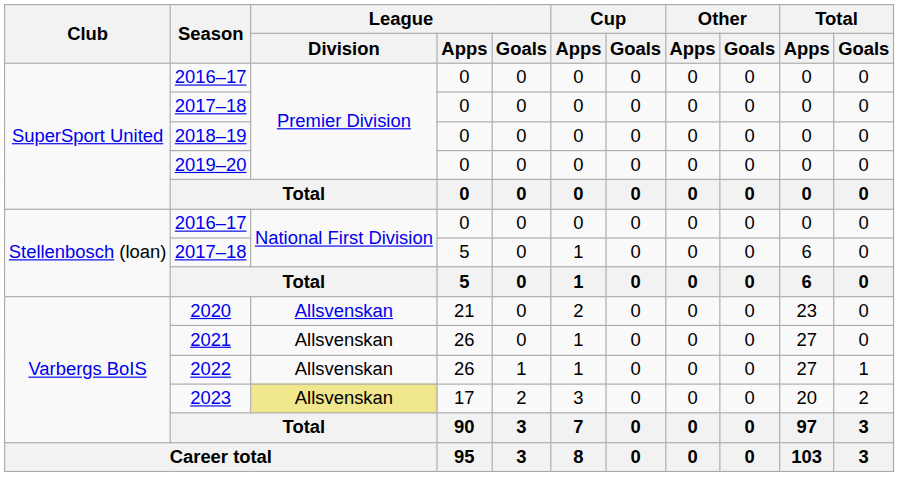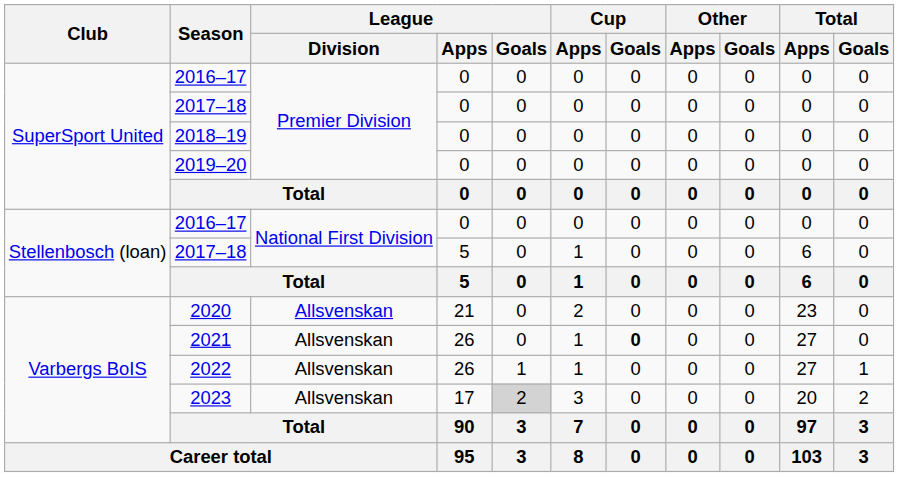 <table class="wikitable" style="text-align: center">
 <tr>
 <th rowspan="2">Club</th>
 <th rowspan="2">Season</th>
 <th colspan="3">League</th>
 <th colspan="2">Cup</th>
 <th colspan="2">Other</th>
 <th colspan="2">Total</th>
 </tr>
 <tr>
 <th>Division</th>
 <th>Apps</th>
 <th>Goals</th>
 <th>Apps</th>
 <th>Goals</th>
 <th>Apps</th>
 <th>Goals</th>
 <th>Apps</th>
 <th>Goals</th>
 </tr>
 <tr>
 <td rowspan="5"><a href='#'>SuperSport United</a></td>
 <td><a href='#'>2016–17</a></td>
 <td rowspan="4"><a href='#'>Premier Division</a></td>
 <td>0</td>
 <td>0</td>
 <td>0</td>
 <td>0</td>
 <td>0</td>
 <td>0</td>
 <td>0</td>
 <td>0</td>
 </tr>
 <tr>
 <td><a href='#'>2017–18</a></td>
 <td>0</td>
 <td>0</td>
 <td>0</td>
 <td>0</td>
 <td>0</td>
 <td>0</td>
 <td>0</td>
 <td>0</td>
 </tr>
 <tr>
 <td><a href='#'>2018–19</a></td>
 <td>0</td>
 <td>0</td>
 <td>0</td>
 <td>0</td>
 <td>0</td>
 <td>0</td>
 <td>0</td>
 <td>0</td>
 </tr>
 <tr>
 <td><a href='#'>2019–20</a></td>
 <td>0</td>
 <td>0</td>
 <td>0</td>
 <td>0</td>
 <td>0</td>
 <td>0</td>
 <td>0</td>
 <td>0</td>
 </tr>
 <tr>
 <th colspan=2>Total</th>
 <th>0</th>
 <th>0</th>
 <th>0</th>
 <th>0</th>
 <th>0</th>
 <th>0</th>
 <th>0</th>
 <th>0</th>
 </tr>
 <tr>
 <td rowspan="3"><a href='#'>Stellenbosch</a> (loan)</td>
 <td><a href='#'>2016–17</a></td>
 <td rowspan="2"><a href='#'>National First Division</a></td>
 <td>0</td>
 <td>0</td>
 <td>0</td>
 <td>0</td>
 <td>0</td>
 <td>0</td>
 <td>0</td>
 <td>0</td>
 </tr>
 <tr>
 <td><a href='#'>2017–18</a></td>
 <td>5</td>
 <td>0</td>
 <td>1</td>
 <td>0</td>
 <td>0</td>
 <td>0</td>
 <td>6</td>
 <td>0</td>
 </tr>
 <tr>
 <th colspan=2>Total</th>
 <th>5</th>
 <th>0</th>
 <th>1</th>
 <th>0</th>
 <th>0</th>
 <th>0</th>
 <th>6</th>
 <th>0</th>
 </tr>
 <tr>
 <td rowspan="5"><a href='#'>Varbergs BoIS</a></td>
 <td><a href='#'>2020</a></td>
 <td><a href='#'>Allsvenskan</a></td>
 <td>21</td>
 <td>0</td>
 <td>2</td>
 <td>0</td>
 <td>0</td>
 <td>0</td>
 <td>23</td>
 <td>0</td>
 </tr>
 <tr>
 <td><a href='#'>2021</a></td>
 <td>Allsvenskan</td>
 <td>26</td>
 <td>0</td>
 <td>1</td>
-<td>0</td>
+<td><strong>0</strong></td>
 <td>0</td>
 <td>0</td>
 <td>27</td>
 <td>0</td>
 </tr>
 <tr>
 <td><a href='#'>2022</a></td>
 <td>Allsvenskan</td>
 <td>26</td>
 <td>1</td>
 <td>1</td>
 <td>0</td>
 <td>0</td>
 <td>0</td>
 <td>27</td>
 <td>1</td>
 </tr>
 <tr>
 <td><a href='#'>2023</a></td>
-<td style="background: khaki;">Allsvenskan</td>
+<td>Allsvenskan</td>
 <td>17</td>
-<td>2</td>
+<td style="background: lightgrey;">2</td>
 <td>3</td>
 <td>0</td>
 <td>0</td>
 <td>0</td>
 <td>20</td>
 <td>2</td>
 </tr>
 <tr>
 <th colspan=2>Total</th>
 <th>90</th>
 <th>3</th>
 <th>7</th>
 <th>0</th>
 <th>0</th>
 <th>0</th>
 <th>97</th>
 <th>3</th>
 </tr>
 <tr>
 <th colspan=3>Career total</th>
 <th>95</th>
 <th>3</th>
 <th>8</th>
 <th>0</th>
 <th>0</th>
 <th>0</th>
 <th>103</th>
 <th>3</th>
 </tr>
 </table>
